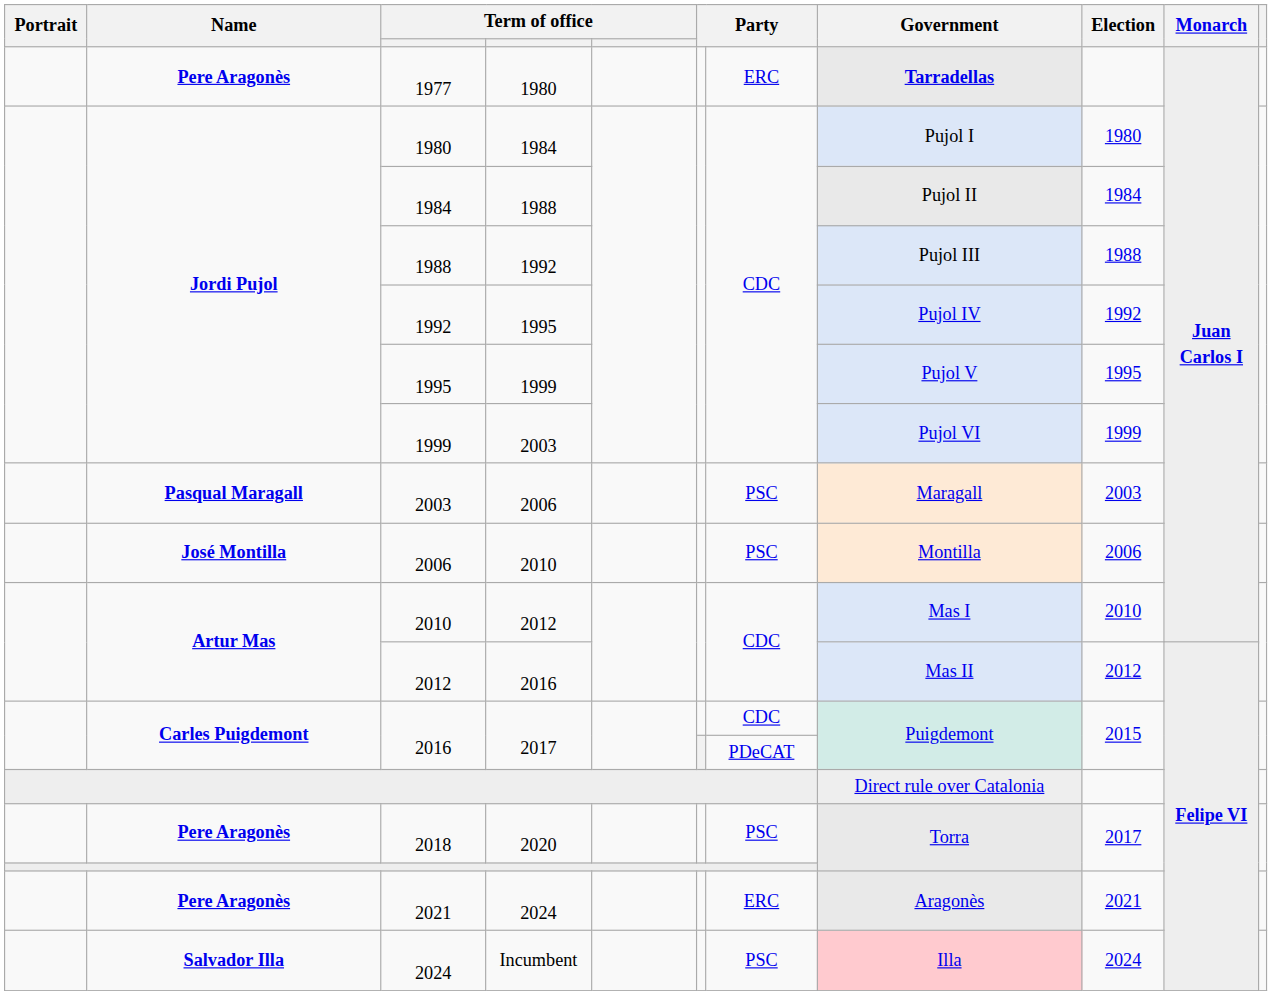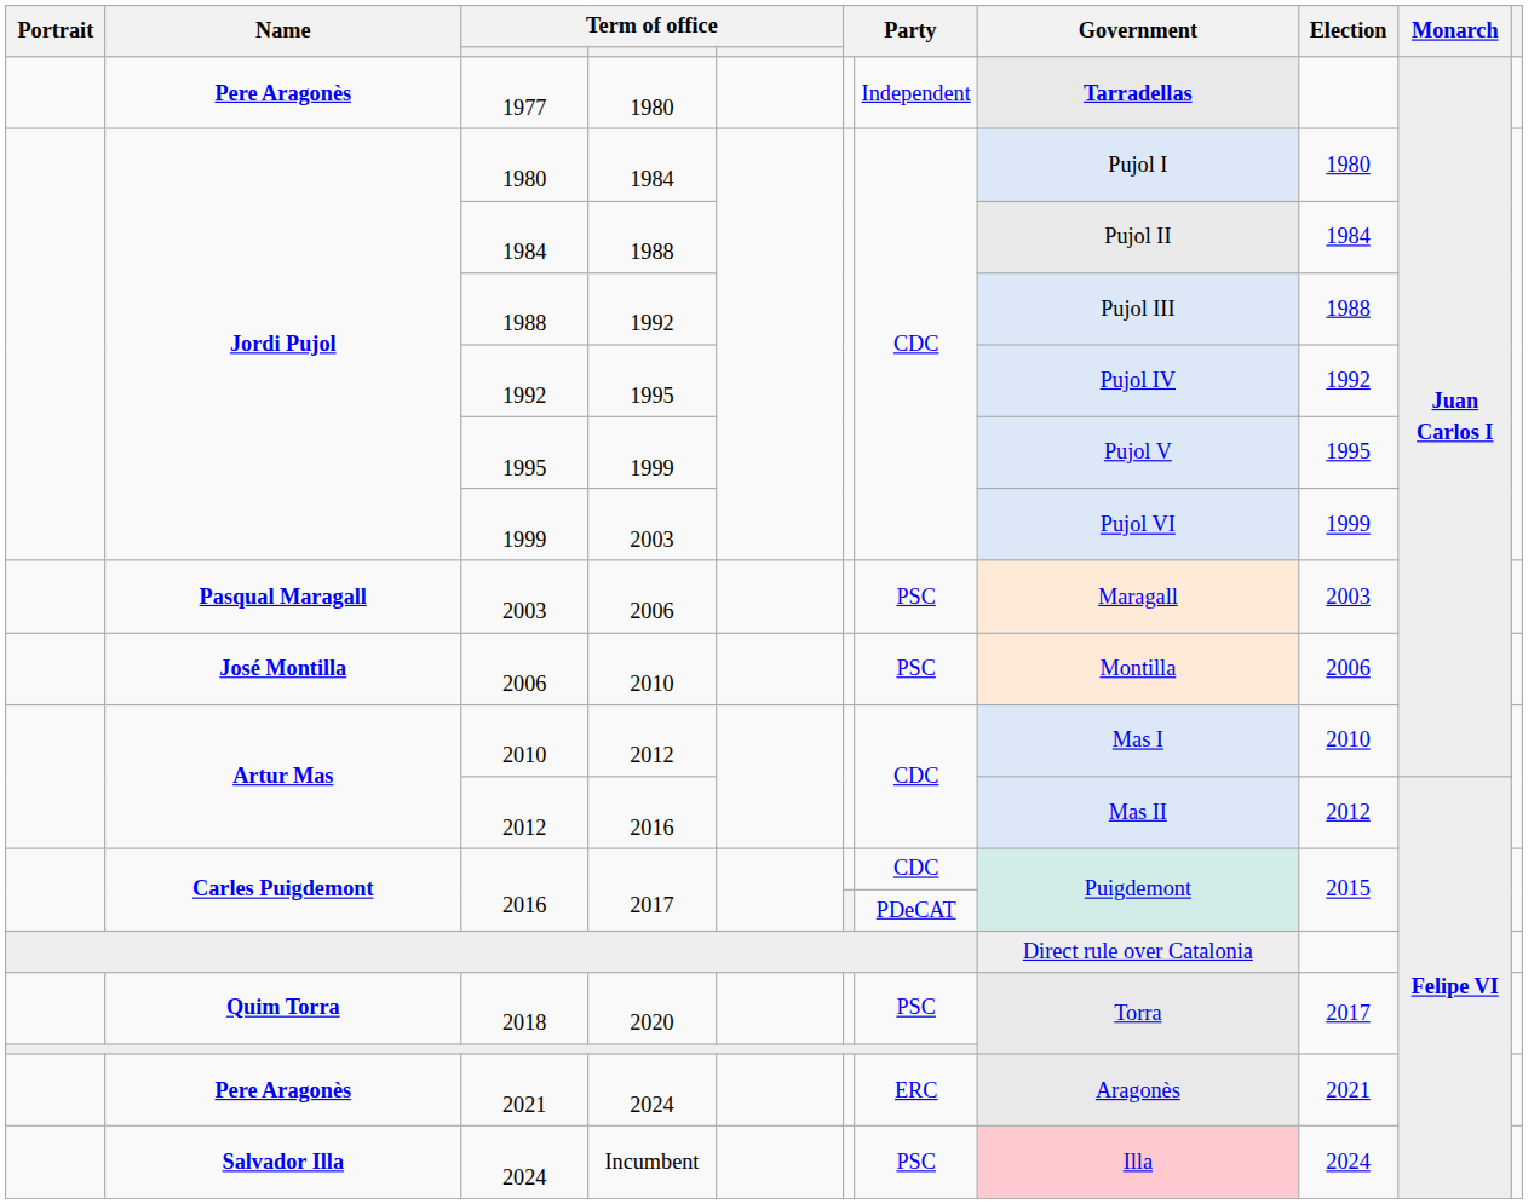 <table class="wikitable" style="line-height:1.4em; text-align:center; border:1px #aaf solid;">
 <tr>
 <th rowspan="2" width="65">Portrait</th>
 <th rowspan="2" width="250">Name<br></th>
 <th colspan="3">Term of office</th>
 <th rowspan="2" colspan="2" width="90">Party</th>
 <th rowspan="2" width="225">Government<br></th>
 <th rowspan="2" width="65">Election</th>
 <th rowspan="2" width="75"><a href='#'>Monarch</a><br></th>
 <th rowspan="2"></th>
 </tr>
 <tr>
 <th width="85"></th>
 <th width="85"></th>
 <th width="85"></th>
 </tr>
 <tr>
 <td width="65"></td>
 <td><strong><a href='#'>Pere Aragonès</a></strong><br></td>
 <td class="nowrap"><br>1977</td>
 <td class="nowrap"><br>1980</td>
 <td style="font-size:95%;"></td>
 <td width="1" style="color:inherit;background:"></td>
-<td width="90"><a href='#'>ERC</a></td>
+<td><a href='#'>Independent</a></td>
 <td style="background:#E9E9E9;"><strong><a href='#'>Tarradellas</a><br></strong></td>
 <td style="color:#ccc;"></td>
 <td rowspan="11" scope="row" bgcolor="#EEEEEE"><br><strong><a href='#'>Juan Carlos I</a></strong><br><br></td>
 <td><br></td>
 </tr>
 <tr>
 <td rowspan="6"></td>
 <td rowspan="6"><strong><a href='#'>Jordi Pujol</a></strong><br></td>
 <td class="nowrap"><br>1980</td>
 <td class="nowrap"><br>1984</td>
 <td rowspan="6" style="font-size:95%;"></td>
 <td rowspan="6" style="color:inherit;background:"></td>
 <td rowspan="6"><a href='#'>CDC</a></td>
 <td style="background:#DCE7F8;">Pujol I<br></td>
 <td><a href='#'>1980</a></td>
 <td rowspan="6"><br><br><br><br><br><br></td>
 </tr>
 <tr>
 <td class="nowrap"><br>1984</td>
 <td class="nowrap"><br>1988</td>
 <td style="background:#E9E9E9;">Pujol II<br></td>
 <td><a href='#'>1984</a></td>
 </tr>
 <tr>
 <td class="nowrap"><br>1988</td>
 <td class="nowrap"><br>1992</td>
 <td style="background:#DCE7F8;">Pujol III<br></td>
 <td><a href='#'>1988</a></td>
 </tr>
 <tr>
 <td class="nowrap"><br>1992</td>
 <td class="nowrap"><br>1995</td>
 <td style="background:#DCE7F8;"><a href='#'>Pujol IV</a><br></td>
 <td><a href='#'>1992</a></td>
 </tr>
 <tr>
 <td class="nowrap"><br>1995</td>
 <td class="nowrap"><br>1999</td>
 <td style="background:#DCE7F8;"><a href='#'>Pujol V</a><br></td>
 <td><a href='#'>1995</a></td>
 </tr>
 <tr>
 <td class="nowrap"><br>1999</td>
 <td class="nowrap"><br>2003</td>
 <td style="background:#DCE7F8;"><a href='#'>Pujol VI</a><br></td>
 <td><a href='#'>1999</a></td>
 </tr>
 <tr>
 <td></td>
 <td><strong><a href='#'>Pasqual Maragall</a></strong><br></td>
 <td class="nowrap"><br>2003</td>
 <td class="nowrap"><br>2006</td>
 <td style="font-size:95%;"></td>
 <td style="color:inherit;background:"></td>
 <td><a href='#'>PSC</a></td>
 <td style="background:#FEEAD6;"><a href='#'>Maragall</a><br></td>
 <td><a href='#'>2003</a></td>
 <td><br></td>
 </tr>
 <tr>
 <td></td>
 <td><strong><a href='#'>José Montilla</a></strong><br></td>
 <td class="nowrap"><br>2006</td>
 <td class="nowrap"><br>2010</td>
 <td style="font-size:95%;"></td>
 <td style="color:inherit;background:"></td>
 <td><a href='#'>PSC</a></td>
 <td style="background:#FEEAD6;"><a href='#'>Montilla</a><br></td>
 <td><a href='#'>2006</a></td>
 <td><br></td>
 </tr>
 <tr>
 <td rowspan="3"></td>
 <td rowspan="3"><strong><a href='#'>Artur Mas</a></strong><br></td>
 <td class="nowrap"><br>2010</td>
 <td class="nowrap"><br>2012</td>
 <td rowspan="3" style="font-size:95%;"></td>
 <td rowspan="3" style="color:inherit;background:"></td>
 <td rowspan="3"><a href='#'>CDC</a></td>
 <td style="background:#DCE7F8;"><a href='#'>Mas I</a><br></td>
 <td><a href='#'>2010</a></td>
 <td rowspan="3"><br><br></td>
 </tr>
 <tr>
 <td rowspan="2" class="nowrap"><br>2012</td>
 <td rowspan="2" class="nowrap"><br>2016</td>
 <td rowspan="2" style="background:#DCE7F8;"><a href='#'>Mas II</a><br></td>
 <td rowspan="2"><a href='#'>2012</a></td>
 </tr>
 <tr>
 <td rowspan="8" scope="row" bgcolor="#EEEEEE"><br><strong><a href='#'>Felipe VI</a></strong><br><br></td>
 </tr>
 <tr>
 <td rowspan="2"></td>
 <td rowspan="2"><strong><a href='#'>Carles Puigdemont</a></strong><br></td>
 <td rowspan="2" class="nowrap"><br>2016</td>
 <td rowspan="2" class="nowrap"><br>2017<br></td>
 <td rowspan="2" style="font-size:95%;"></td>
 <td style="color:inherit;background:"></td>
 <td><a href='#'>CDC</a></td>
 <td rowspan="2" style="background:#D2ECE7;"><a href='#'>Puigdemont</a><br></td>
 <td rowspan="2"><a href='#'>2015</a></td>
 <td rowspan="2"><br></td>
 </tr>
 <tr>
 <th style="color:inherit;background:"></th>
 <td><a href='#'>PDeCAT</a></td>
 </tr>
 <tr>
 <td colspan="7" style="background:#EEEEEE;"></td>
 <td style="background:#EEEEEE;"><a href='#'>Direct rule over Catalonia</a></td>
 <td style="color:#ccc;"></td>
 <td></td>
 </tr>
 <tr>
 <td></td>
-<td><strong><a href='#'>Pere Aragonès</a></strong><br></td>
+<td><strong><a href='#'>Quim Torra</a></strong><br></td>
 <td class="nowrap"><br>2018</td>
 <td class="nowrap"><br>2020<br></td>
 <td style="font-size:95%;"></td>
 <td style="color:inherit;background:"></td>
 <td><a href='#'>PSC</a></td>
 <td rowspan="2" style="background:#E9E9E9;"><a href='#'>Torra</a><br></td>
 <td rowspan="2"><a href='#'>2017</a></td>
 <td rowspan="2"><br></td>
 </tr>
 <tr>
 <td colspan="7" style="background:#EEEEEE;"></td>
 </tr>
 <tr>
 <td></td>
 <td><strong><a href='#'>Pere Aragonès</a></strong><br></td>
 <td><br>2021</td>
 <td><br>2024</td>
 <td style="font-size:95%;"></td>
 <td style="color:inherit;background:"></td>
 <td><a href='#'>ERC</a></td>
 <td style="background:#E9E9E9;"><a href='#'>Aragonès</a><br></td>
 <td><a href='#'>2021</a></td>
 <td><br></td>
 </tr>
 <tr>
 <td></td>
 <td><strong><a href='#'>Salvador Illa</a></strong><br></td>
 <td><br>2024</td>
 <td>Incumbent</td>
 <td style="font-size:95%;"></td>
 <td style="color:inherit;background:"></td>
 <td><a href='#'>PSC</a></td>
 <td style="background:#FFCACF;"><a href='#'>Illa</a><br></td>
 <td><a href='#'>2024</a></td>
 <td></td>
 </tr>
 </table>
